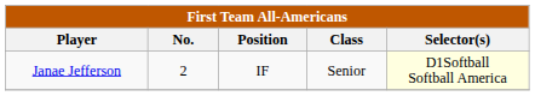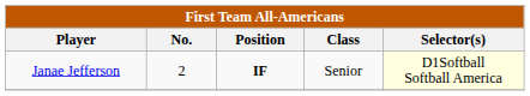 <table class="wikitable" style="text-align:center">
 <tr>
 <td colspan="5" style= "background: #BF5700; color:white"><strong>First Team All-Americans</strong></td>
 </tr>
 <tr>
 <th style="width:150px; ">Player</th>
 <th style="width:70px; ">No.</th>
 <th style="width:90px; ">Position</th>
 <th style="width:80px; ">Class</th>
 <th style="width:150px; ">Selector(s)</th>
 </tr>
 <tr>
 <td><a href='#'>Janae Jefferson</a></td>
 <td>2</td>
-<td>IF</td>
+<td><strong>IF</strong></td>
 <td>Senior</td>
 <td style="background: lightyellow;">D1Softball<br>Softball America</td>
 </tr>
 <tr>
 </tr>
 </table>
